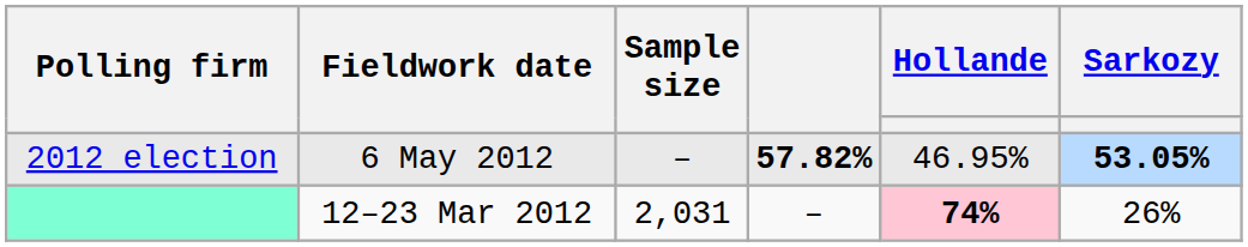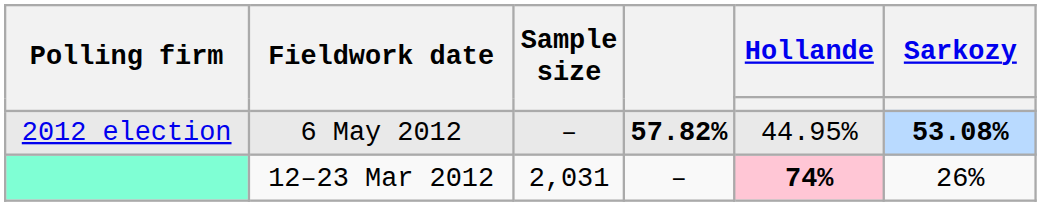 <table class="wikitable sortable" style="text-align:center;font-size:90%;line-height:14px;">
 <tr style="height:40px;">
 <th style="width:100px;" rowspan="2">Polling firm</th>
 <th style="width:110px;" rowspan="2">Fieldwork date</th>
 <th style="width:35px;" rowspan="2">Sample<br>size</th>
 <th style="width:30px;" rowspan="2"></th>
 <th class="unsortable" style="width:60px;"><a href='#'>Hollande</a><br></th>
 <th class="unsortable" style="width:60px;"><a href='#'>Sarkozy</a><br></th>
 </tr>
 <tr>
 <th style="background:"></th>
 <th style="background:"></th>
 </tr>
 <tr style="background:#E9E9E9;">
 <td><a href='#'>2012 election</a></td>
 <td data-sort-value="2012-05-06">6 May 2012</td>
 <td>–</td>
 <td><strong>57.82%</strong></td>
-<td>46.95%</td>
-<td style="background:#B9DAFF;"><strong>53.05%</strong></td>
+<td>44.95%</td>
+<td style="background:#B9DAFF;"><strong>53.08%</strong></td>
 </tr>
 <tr>
 <td style="background:aquamarine;"></td>
 <td data-sort-value="2012-03-23">12–23 Mar 2012</td>
 <td>2,031</td>
 <td>–</td>
 <td style="background:#FFC6D5;"><strong>74%</strong></td>
 <td>26%</td>
 </tr>
 </table>
